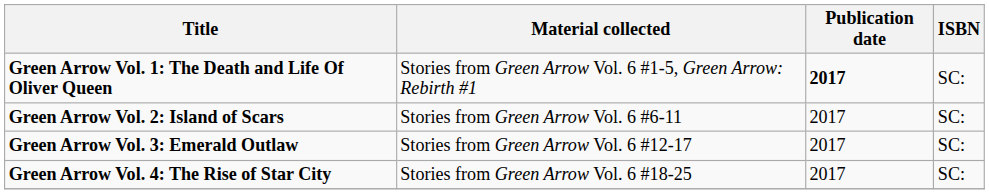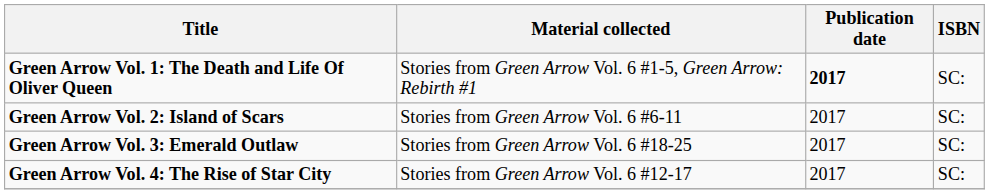 <table class="wikitable collapsible collapsed">
 <tr>
 <th>Title</th>
 <th>Material collected</th>
 <th>Publication date</th>
 <th>ISBN</th>
 </tr>
 <tr>
 <td><strong>Green Arrow Vol. 1: The Death and Life Of Oliver Queen</strong></td>
 <td>Stories from <em>Green Arrow</em> Vol. 6 #1-5, <em>Green Arrow: Rebirth #1</em></td>
 <td><strong>2017</strong></td>
 <td>SC: </td>
 </tr>
 <tr>
 <td><strong>Green Arrow Vol. 2: Island of Scars</strong></td>
 <td>Stories from <em>Green Arrow</em> Vol. 6 #6-11</td>
 <td>2017</td>
 <td>SC: </td>
 </tr>
 <tr>
 <td><strong>Green Arrow Vol. 3: Emerald Outlaw</strong></td>
-<td>Stories from <em>Green Arrow</em> Vol. 6 #12-17</td>
+<td>Stories from <em>Green Arrow</em> Vol. 6 #18-25</td>
 <td>2017</td>
 <td>SC: </td>
 </tr>
 <tr>
 <td><strong>Green Arrow Vol. 4: The Rise of Star City</strong></td>
-<td>Stories from <em>Green Arrow</em> Vol. 6 #18-25</td>
+<td>Stories from <em>Green Arrow</em> Vol. 6 #12-17</td>
 <td>2017</td>
 <td>SC: </td>
 </tr>
 <tr>
 </tr>
 </table>
